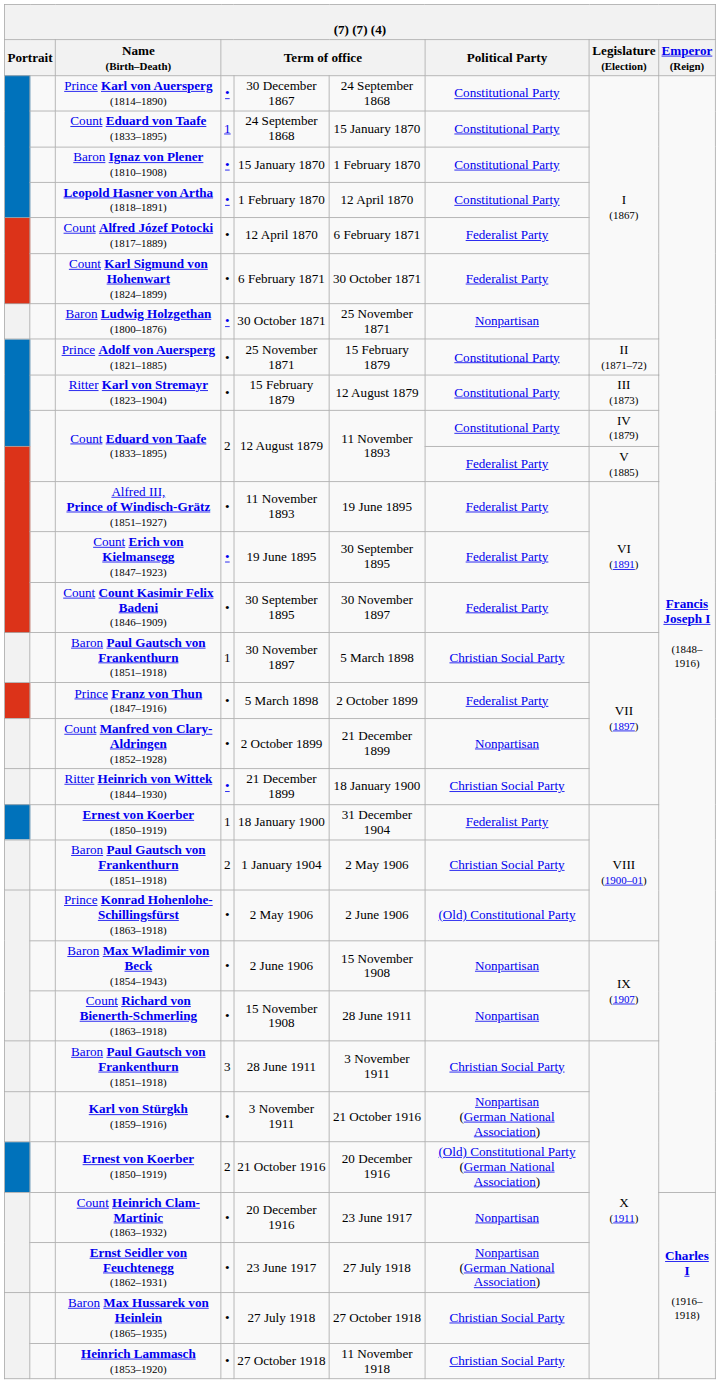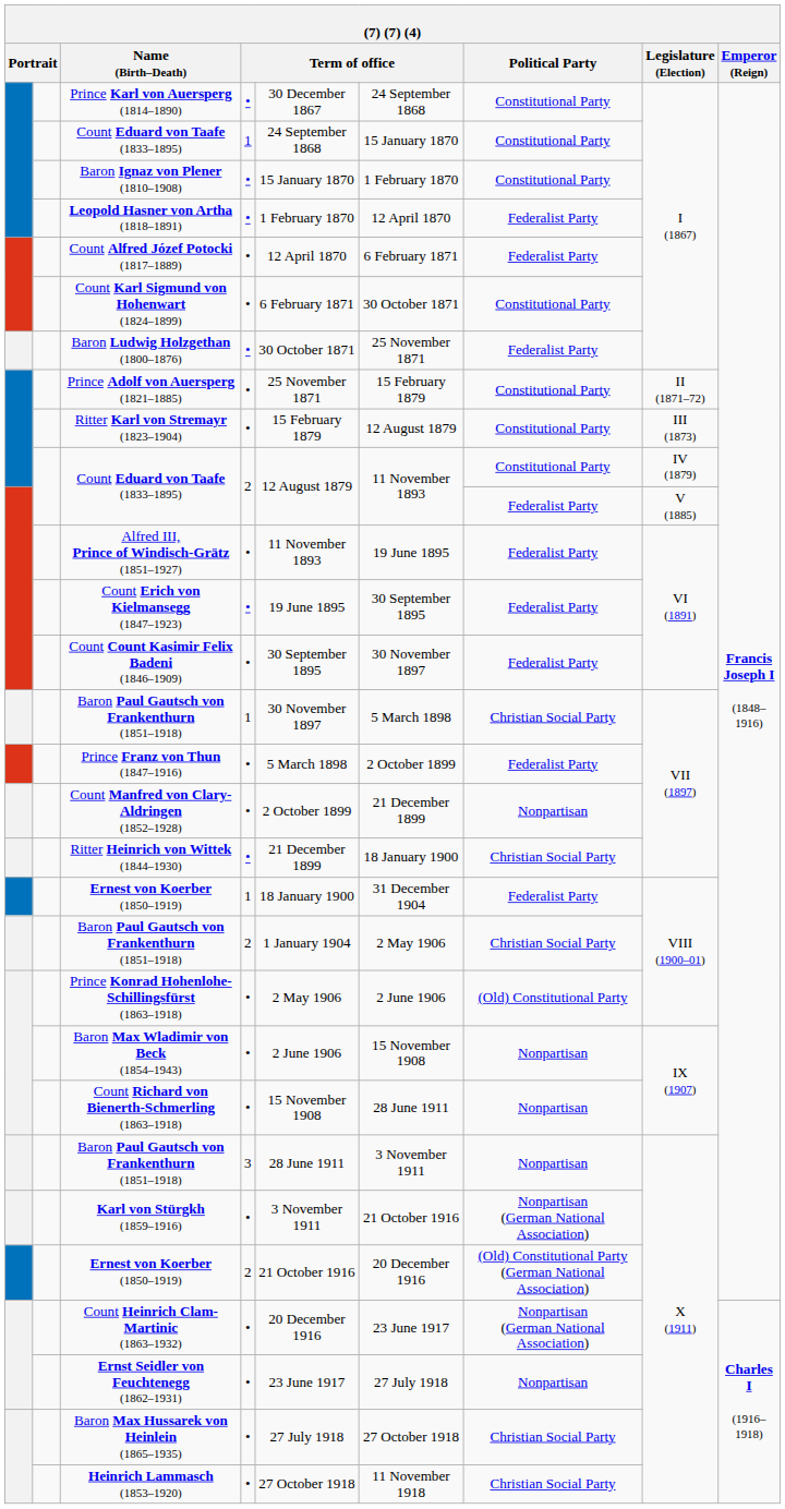 <table class="wikitable" style="text-align: center;">
 <tr>
 <th colspan=9><br> (7)  (7)  (4)</th>
 </tr>
 <tr>
 <th width=70 colspan=2>Portrait</th>
 <th width=25%>Name<br><small>(Birth–Death)</small></th>
 <th width=30% colspan=3>Term of office</th>
 <th width=25%>Political Party</th>
 <th width=7%>Legislature<br><small>(Election)</small></th>
 <th><a href='#'>Emperor</a><br><small>(Reign)</small></th>
 </tr>
 <tr>
 <th rowspan=4 style="background:#0072BB;"></th>
 <td></td>
 <td><a href='#'>Prince</a> <strong><a href='#'>Karl von Auersperg</a></strong><br><small>(1814–1890)</small></td>
 <td><a href='#'>•</a></td>
 <td>30 December 1867</td>
 <td>24 September 1868</td>
 <td><a href='#'>Constitutional Party</a></td>
 <td rowspan=7>I<br><small>(1867)</small></td>
 <td rowspan=28><strong><a href='#'>Francis Joseph I</a></strong><br><br><small>(1848–1916)</small></td>
 </tr>
 <tr>
 <td></td>
 <td><a href='#'>Count</a> <strong><a href='#'>Eduard von Taafe</a></strong><br><small>(1833–1895)</small></td>
 <td><a href='#'>1</a></td>
 <td>24 September 1868</td>
 <td>15 January 1870</td>
 <td><a href='#'>Constitutional Party</a></td>
 </tr>
 <tr>
 <td></td>
 <td><a href='#'>Baron</a> <strong><a href='#'>Ignaz von Plener</a></strong><br><small>(1810–1908)</small></td>
 <td><a href='#'>•</a></td>
 <td>15 January 1870</td>
 <td>1 February 1870</td>
 <td><a href='#'>Constitutional Party</a></td>
 </tr>
 <tr>
 <td></td>
 <td><strong><a href='#'>Leopold Hasner von Artha</a></strong><br><small>(1818–1891)</small></td>
 <td><a href='#'>•</a></td>
 <td>1 February 1870</td>
 <td>12 April 1870</td>
-<td><a href='#'>Constitutional Party</a></td>
+<td><a href='#'>Federalist Party</a></td>
 </tr>
 <tr>
 <th rowspan=2 style="background:#DC3319;"></th>
 <td></td>
 <td><a href='#'>Count</a> <strong><a href='#'>Alfred Józef Potocki</a></strong><br><small>(1817–1889)</small></td>
 <td>•</td>
 <td>12 April 1870</td>
 <td>6 February 1871</td>
 <td><a href='#'>Federalist Party</a></td>
 </tr>
 <tr>
 <td></td>
 <td><a href='#'>Count</a> <strong><a href='#'>Karl Sigmund von Hohenwart</a></strong><br><small>(1824–1899)</small></td>
 <td>•</td>
 <td>6 February 1871</td>
 <td>30 October 1871</td>
-<td><a href='#'>Federalist Party</a></td>
+<td><a href='#'>Constitutional Party</a></td>
 </tr>
 <tr>
 <th style="background:"></th>
 <td></td>
 <td><a href='#'>Baron</a> <strong><a href='#'>Ludwig Holzgethan</a></strong><br><small>(1800–1876)</small></td>
 <td><a href='#'>•</a></td>
 <td>30 October 1871</td>
 <td>25 November 1871</td>
-<td><a href='#'>Nonpartisan</a></td>
+<td><a href='#'>Federalist Party</a></td>
 </tr>
 <tr>
 <th rowspan=4 style="background:#0072BB;"></th>
 <td rowspan=2></td>
 <td rowspan=2><a href='#'>Prince</a> <strong><a href='#'>Adolf von Auersperg</a></strong><br><small>(1821–1885)</small></td>
 <td rowspan=2>•</td>
 <td rowspan=2>25 November 1871</td>
 <td rowspan=2>15 February 1879</td>
 <td rowspan=2><a href='#'>Constitutional Party</a></td>
 <td>II<br><small>(1871–72)</small></td>
 </tr>
 <tr>
 <td rowspan=2>III<br><small>(1873)</small></td>
 </tr>
 <tr>
 <td></td>
 <td><a href='#'>Ritter</a> <strong><a href='#'>Karl von Stremayr</a></strong><br><small>(1823–1904)</small></td>
 <td>•</td>
 <td>15 February 1879</td>
 <td>12 August 1879</td>
 <td><a href='#'>Constitutional Party</a></td>
 </tr>
 <tr>
 <td rowspan=3></td>
 <td rowspan=3><a href='#'>Count</a> <strong><a href='#'>Eduard von Taafe</a></strong><br><small>(1833–1895)</small></td>
 <td rowspan=3>2</td>
 <td rowspan=3>12 August 1879</td>
 <td rowspan=3>11 November 1893</td>
 <td><a href='#'>Constitutional Party</a></td>
 <td>IV<br><small>(1879)</small></td>
 </tr>
 <tr>
 <th rowspan=5 style="background:#DC3319;"></th>
 <td rowspan=2><a href='#'>Federalist Party</a></td>
 <td>V<br><small>(1885)</small></td>
 </tr>
 <tr>
 <td rowspan=4>VI<br><small>(<a href='#'>1891</a>)</small></td>
 </tr>
 <tr>
 <td></td>
 <td><a href='#'>Alfred III,<br><strong>Prince of Windisch-Grätz</strong></a><br><small>(1851–1927)</small></td>
 <td>•</td>
 <td>11 November 1893</td>
 <td>19 June 1895</td>
 <td><a href='#'>Federalist Party</a></td>
 </tr>
 <tr>
 <td></td>
 <td><a href='#'>Count</a> <strong><a href='#'>Erich von Kielmansegg</a></strong><br><small>(1847–1923)</small></td>
 <td><a href='#'>•</a></td>
 <td>19 June 1895</td>
 <td>30 September 1895</td>
 <td><a href='#'>Federalist Party</a></td>
 </tr>
 <tr>
 <td></td>
 <td><a href='#'>Count</a> <strong><a href='#'>Count Kasimir Felix Badeni</a></strong><br><small>(1846–1909)</small></td>
 <td>•</td>
 <td>30 September 1895</td>
 <td>30 November 1897</td>
 <td><a href='#'>Federalist Party</a></td>
 </tr>
 <tr>
 <th style="background:"></th>
 <td></td>
 <td><a href='#'>Baron</a> <strong><a href='#'>Paul Gautsch von Frankenthurn</a></strong><br><small>(1851–1918)</small></td>
 <td>1</td>
 <td>30 November 1897</td>
 <td>5 March 1898</td>
 <td><a href='#'>Christian Social Party</a></td>
 <td rowspan=4>VII<br><small>(<a href='#'>1897</a>)</small></td>
 </tr>
 <tr>
 <th style="background:#DC3319;"></th>
 <td></td>
 <td><a href='#'>Prince</a> <strong><a href='#'>Franz von Thun</a></strong><br><small>(1847–1916)</small></td>
 <td>•</td>
 <td>5 March 1898</td>
 <td>2 October 1899</td>
 <td><a href='#'>Federalist Party</a></td>
 </tr>
 <tr>
 <th style="background:"></th>
 <td></td>
 <td><a href='#'>Count</a> <strong><a href='#'>Manfred von Clary-Aldringen</a></strong><br><small>(1852–1928)</small></td>
 <td>•</td>
 <td>2 October 1899</td>
 <td>21 December 1899</td>
 <td><a href='#'>Nonpartisan</a></td>
 </tr>
 <tr>
 <th style="background:"></th>
 <td></td>
 <td><a href='#'>Ritter</a> <strong><a href='#'>Heinrich von Wittek</a></strong><br><small>(1844–1930)</small></td>
 <td><a href='#'>•</a></td>
 <td>21 December 1899</td>
 <td>18 January 1900</td>
 <td><a href='#'>Christian Social Party</a></td>
 </tr>
 <tr>
 <th style="background:#0072BB;"></th>
 <td></td>
 <td><strong><a href='#'>Ernest von Koerber</a></strong><br><small>(1850–1919)</small></td>
 <td>1</td>
 <td>18 January 1900</td>
 <td>31 December 1904</td>
 <td><a href='#'>Federalist Party</a></td>
 <td rowspan=3>VIII<br><small>(<a href='#'>1900–01</a>)</small></td>
 </tr>
 <tr>
 <th style="background:"></th>
 <td></td>
 <td><a href='#'>Baron</a> <strong><a href='#'>Paul Gautsch von Frankenthurn</a></strong><br><small>(1851–1918)</small></td>
 <td>2</td>
 <td>1 January 1904</td>
 <td>2 May 1906</td>
 <td><a href='#'>Christian Social Party</a></td>
 </tr>
 <tr>
 <th rowspan=3 style="background:"></th>
 <td></td>
 <td><a href='#'>Prince</a> <strong><a href='#'>Konrad Hohenlohe-Schillingsfürst</a></strong><br><small>(1863–1918)</small></td>
 <td>•</td>
 <td>2 May 1906</td>
 <td>2 June 1906</td>
 <td><a href='#'>(Old) Constitutional Party</a></td>
 </tr>
 <tr>
 <td></td>
 <td><a href='#'>Baron</a> <strong><a href='#'>Max Wladimir von Beck</a></strong><br><small>(1854–1943)</small></td>
 <td>•</td>
 <td>2 June 1906</td>
 <td>15 November 1908</td>
 <td><a href='#'>Nonpartisan</a></td>
 <td rowspan=2>IX<br><small>(<a href='#'>1907</a>)</small></td>
 </tr>
 <tr>
 <td></td>
 <td><a href='#'>Count</a> <strong><a href='#'>Richard von Bienerth-Schmerling</a></strong><br><small>(1863–1918)</small></td>
 <td>•</td>
 <td>15 November 1908</td>
 <td>28 June 1911</td>
 <td><a href='#'>Nonpartisan</a></td>
 </tr>
 <tr>
 <th style="background:"></th>
 <td></td>
 <td><a href='#'>Baron</a> <strong><a href='#'>Paul Gautsch von Frankenthurn</a></strong><br><small>(1851–1918)</small></td>
 <td>3</td>
 <td>28 June 1911</td>
 <td>3 November 1911</td>
-<td><a href='#'>Christian Social Party</a></td>
+<td><a href='#'>Nonpartisan</a></td>
 <td rowspan=7>X<br><small>(<a href='#'>1911</a>)</small></td>
 </tr>
 <tr>
 <th style="background:"></th>
 <td></td>
 <td><strong><a href='#'>Karl von Stürgkh</a></strong><br><small>(1859–1916)</small></td>
 <td>•</td>
 <td>3 November 1911</td>
 <td>21 October 1916</td>
 <td><a href='#'>Nonpartisan</a><br>(<a href='#'>German National Association</a>)</td>
 </tr>
 <tr>
 <th style="background:#0072BB;"></th>
 <td></td>
 <td><strong><a href='#'>Ernest von Koerber</a></strong><br><small>(1850–1919)</small></td>
 <td>2</td>
 <td>21 October 1916</td>
 <td>20 December 1916</td>
 <td><a href='#'>(Old) Constitutional Party</a><br>(<a href='#'>German National Association</a>)</td>
 </tr>
 <tr>
 <th rowspan=2 style="background:"></th>
 <td></td>
 <td><a href='#'>Count</a> <strong><a href='#'>Heinrich Clam-Martinic</a></strong><br><small>(1863–1932)</small></td>
 <td>•</td>
 <td>20 December 1916</td>
 <td>23 June 1917</td>
-<td><a href='#'>Nonpartisan</a></td>
+<td><a href='#'>Nonpartisan</a><br>(<a href='#'>German National Association</a>)</td>
 <td rowspan=4><strong><a href='#'>Charles I</a></strong><br><br><small>(1916–1918)</small></td>
 </tr>
 <tr>
 <td></td>
 <td><strong><a href='#'>Ernst Seidler von Feuchtenegg</a></strong><br><small>(1862–1931)</small></td>
 <td>•</td>
 <td>23 June 1917</td>
 <td>27 July 1918</td>
-<td><a href='#'>Nonpartisan</a><br>(<a href='#'>German National Association</a>)</td>
+<td><a href='#'>Nonpartisan</a></td>
 </tr>
 <tr>
 <th rowspan=2 style="background:"></th>
 <td></td>
 <td><a href='#'>Baron</a> <strong><a href='#'>Max Hussarek von Heinlein</a></strong><br><small>(1865–1935)</small></td>
 <td>•</td>
 <td>27 July 1918</td>
 <td>27 October 1918</td>
 <td><a href='#'>Christian Social Party</a></td>
 </tr>
 <tr>
 <td></td>
 <td><strong><a href='#'>Heinrich Lammasch</a></strong><br><small>(1853–1920)</small></td>
 <td>•</td>
 <td>27 October 1918</td>
 <td>11 November 1918</td>
 <td><a href='#'>Christian Social Party</a></td>
 </tr>
 </table>
